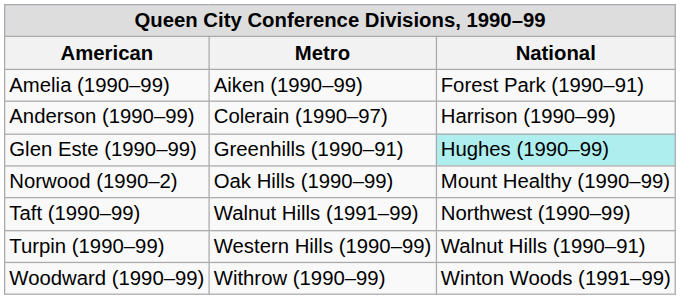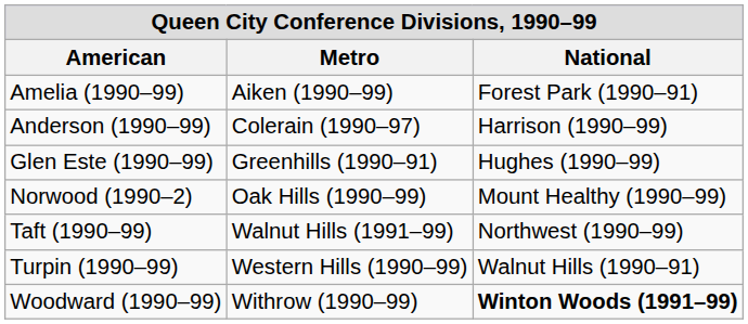 <table class="wikitable">
 <tr style="background:#ccf;">
 <th colspan="6" style="background:#ddd;">Queen City Conference Divisions, 1990–99</th>
 </tr>
 <tr>
 <th>American</th>
 <th>Metro</th>
 <th>National</th>
 </tr>
 <tr>
 <td>Amelia (1990–99)</td>
 <td>Aiken (1990–99)</td>
 <td>Forest Park (1990–91)</td>
 </tr>
 <tr>
 <td>Anderson (1990–99)</td>
 <td>Colerain (1990–97)</td>
 <td>Harrison (1990–99)</td>
 </tr>
 <tr>
 <td>Glen Este (1990–99)</td>
 <td>Greenhills (1990–91)</td>
-<td style="background: paleturquoise;">Hughes (1990–99)</td>
+<td>Hughes (1990–99)</td>
 </tr>
 <tr>
 <td>Norwood (1990–2)</td>
 <td>Oak Hills (1990–99)</td>
 <td>Mount Healthy (1990–99)</td>
 </tr>
 <tr>
 <td>Taft (1990–99)</td>
 <td>Walnut Hills (1991–99)</td>
 <td>Northwest (1990–99)</td>
 </tr>
 <tr>
 <td>Turpin (1990–99)</td>
 <td>Western Hills (1990–99)</td>
 <td>Walnut Hills (1990–91)</td>
 </tr>
 <tr>
 <td>Woodward (1990–99)</td>
 <td>Withrow (1990–99)</td>
-<td>Winton Woods (1991–99)</td>
+<td><strong>Winton Woods (1991–99)</strong></td>
 </tr>
 </table>
